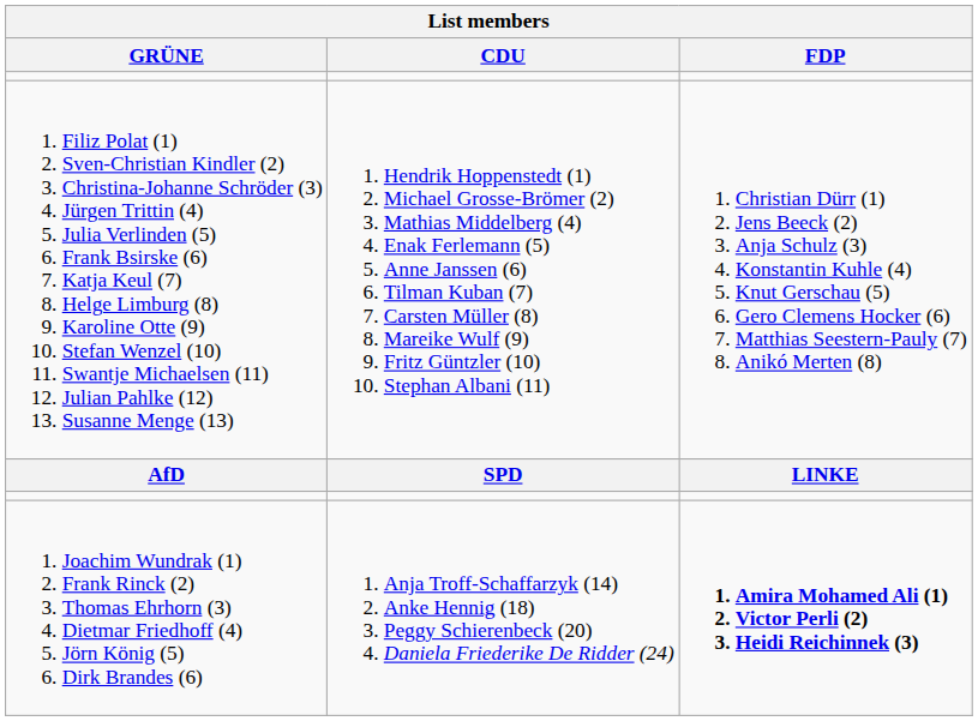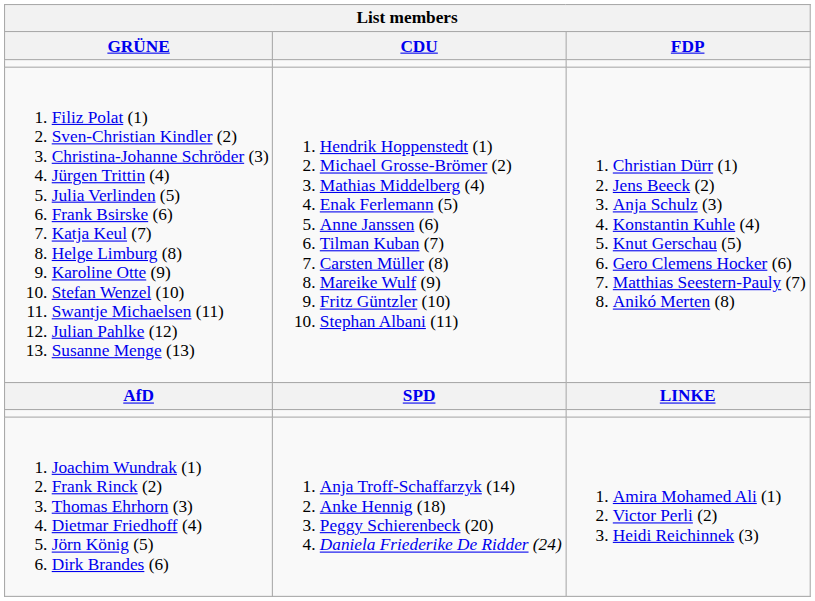 <table class=wikitable>
 <tr>
 <th colspan=3>List members</th>
 </tr>
 <tr>
 <th><a href='#'>GRÜNE</a></th>
 <th><a href='#'>CDU</a></th>
 <th><a href='#'>FDP</a></th>
 </tr>
 <tr>
 <td bgcolor=></td>
 <td bgcolor=></td>
 <td bgcolor=></td>
 </tr>
 <tr>
 <td><br><ol><li><a href='#'>Filiz Polat</a> (1)</li><li><a href='#'>Sven-Christian Kindler</a> (2)</li><li><a href='#'>Christina-Johanne Schröder</a> (3)</li><li><a href='#'>Jürgen Trittin</a> (4)</li><li><a href='#'>Julia Verlinden</a> (5)</li><li><a href='#'>Frank Bsirske</a> (6)</li><li><a href='#'>Katja Keul</a> (7)</li><li><a href='#'>Helge Limburg</a> (8)</li><li><a href='#'>Karoline Otte</a> (9)</li><li><a href='#'>Stefan Wenzel</a> (10)</li><li><a href='#'>Swantje Michaelsen</a> (11)</li><li><a href='#'>Julian Pahlke</a> (12)</li><li><a href='#'>Susanne Menge</a> (13)</li></ol></td>
 <td><br><ol><li><a href='#'>Hendrik Hoppenstedt</a> (1)</li><li><a href='#'>Michael Grosse-Brömer</a> (2)</li><li><a href='#'>Mathias Middelberg</a> (4)</li><li><a href='#'>Enak Ferlemann</a> (5)</li><li><a href='#'>Anne Janssen</a> (6)</li><li><a href='#'>Tilman Kuban</a> (7)</li><li><a href='#'>Carsten Müller</a> (8)</li><li><a href='#'>Mareike Wulf</a> (9)</li><li><a href='#'>Fritz Güntzler</a> (10)</li><li><a href='#'>Stephan Albani</a> (11)</li></ol></td>
 <td><br><ol><li><a href='#'>Christian Dürr</a> (1)</li><li><a href='#'>Jens Beeck</a> (2)</li><li><a href='#'>Anja Schulz</a> (3)</li><li><a href='#'>Konstantin Kuhle</a> (4)</li><li><a href='#'>Knut Gerschau</a> (5)</li><li><a href='#'>Gero Clemens Hocker</a> (6)</li><li><a href='#'>Matthias Seestern-Pauly</a> (7)</li><li><a href='#'>Anikó Merten</a> (8)</li></ol></td>
 </tr>
 <tr>
 <th><a href='#'>AfD</a></th>
 <th><a href='#'>SPD</a></th>
 <th><a href='#'>LINKE</a></th>
 </tr>
 <tr>
 <td bgcolor=></td>
 <td bgcolor=></td>
 <td bgcolor=></td>
 </tr>
 <tr>
 <td><br><ol><li><a href='#'>Joachim Wundrak</a> (1)</li><li><a href='#'>Frank Rinck</a> (2)</li><li><a href='#'>Thomas Ehrhorn</a> (3)</li><li><a href='#'>Dietmar Friedhoff</a> (4)</li><li><a href='#'>Jörn König</a> (5)</li><li><a href='#'>Dirk Brandes</a> (6)</li></ol></td>
 <td><br><ol><li><a href='#'>Anja Troff-Schaffarzyk</a> (14)</li><li><a href='#'>Anke Hennig</a> (18)</li><li><a href='#'>Peggy Schierenbeck</a> (20)</li><li><em><a href='#'>Daniela Friederike De Ridder</a> (24)</em></li></ol></td>
-<td><strong><br><ol><li><a href='#'>Amira Mohamed Ali</a> (1)</li><li><a href='#'>Victor Perli</a> (2)</li><li><a href='#'>Heidi Reichinnek</a> (3)</li></ol></strong></td>
+<td><br><ol><li><a href='#'>Amira Mohamed Ali</a> (1)</li><li><a href='#'>Victor Perli</a> (2)</li><li><a href='#'>Heidi Reichinnek</a> (3)</li></ol></td>
 </tr>
 </table>
